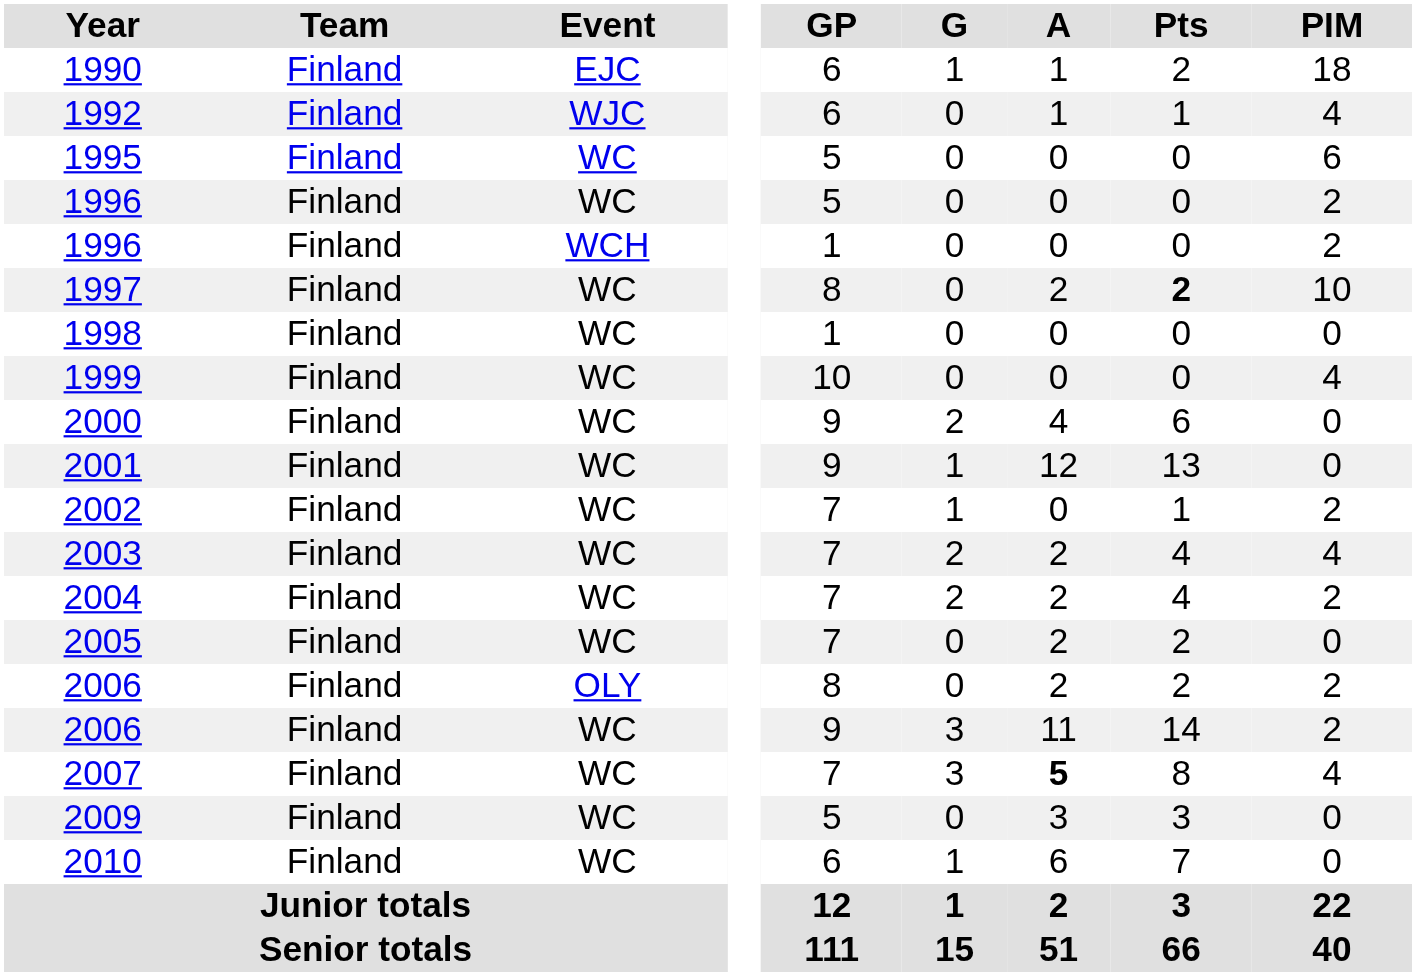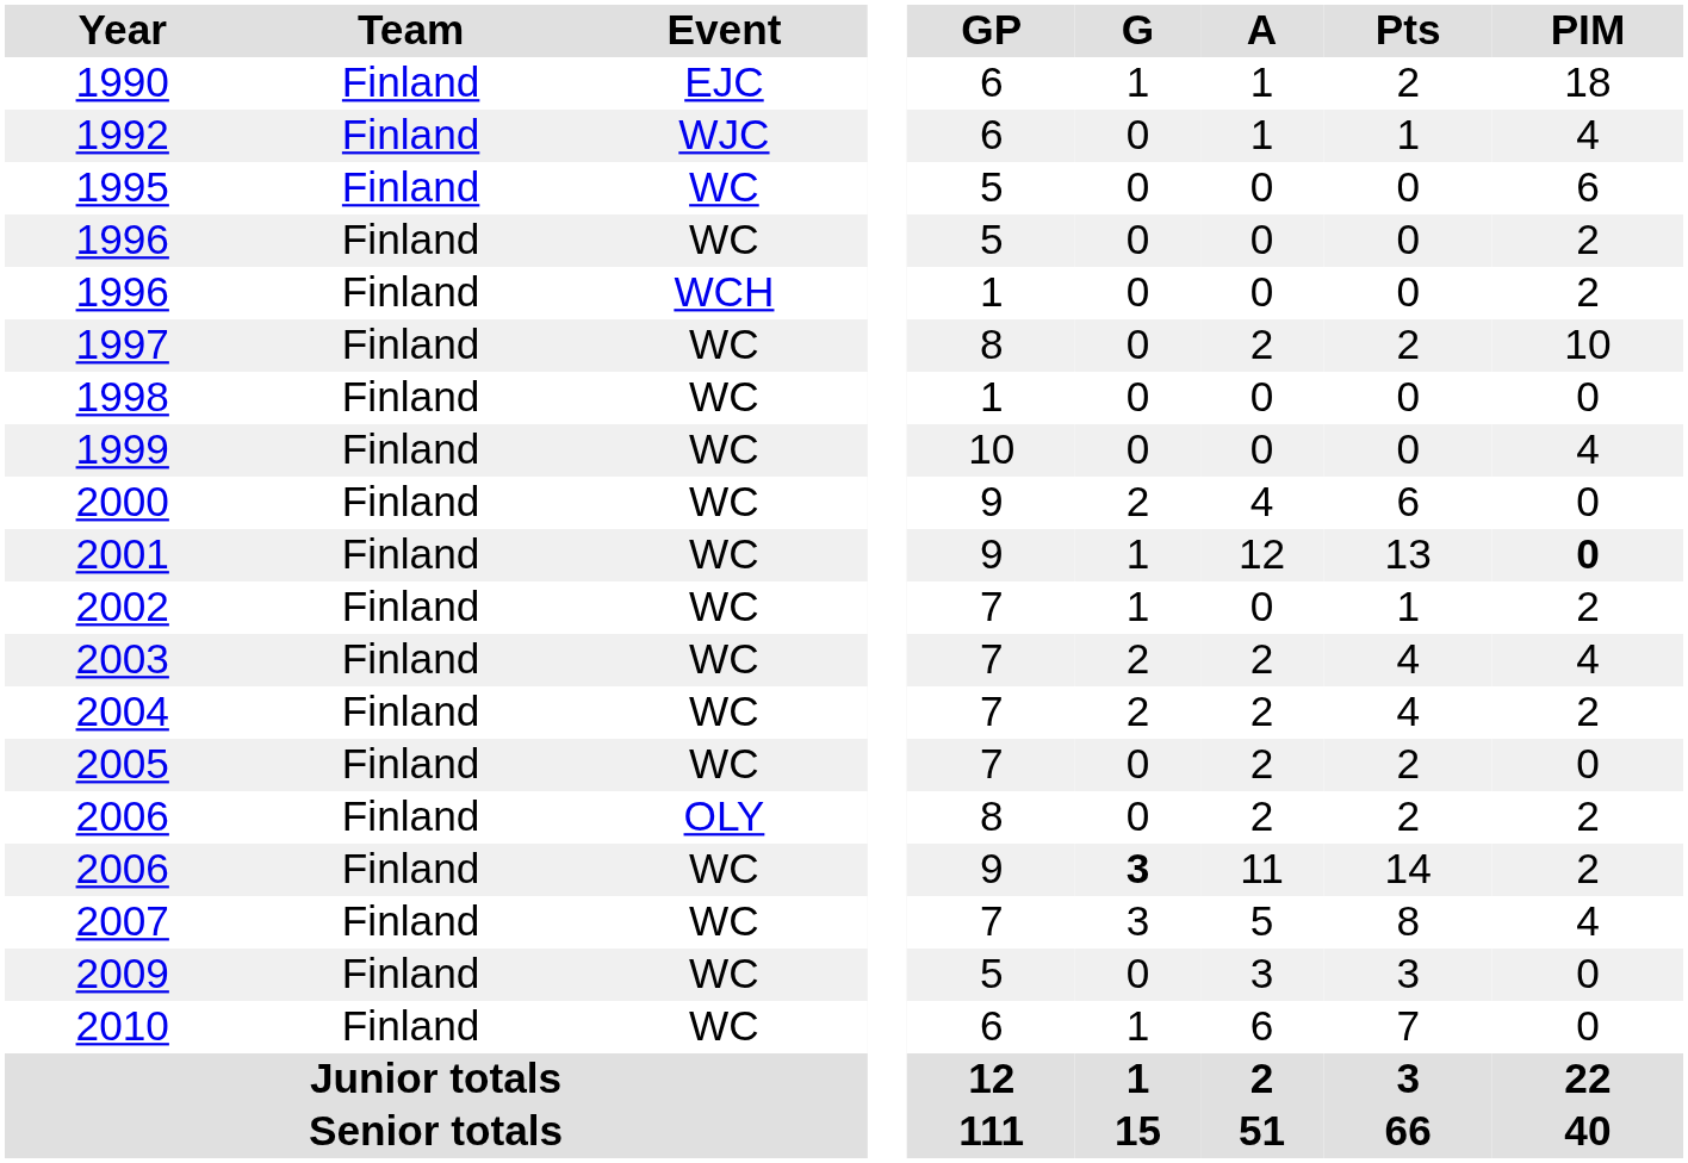 <table border="0" cellpadding="1" cellspacing="0" style="text-align:center; width:40em">
 <tr ALIGN="center" bgcolor="#e0e0e0">
 <th>Year</th>
 <th>Team</th>
 <th>Event</th>
 <th rowspan="99" bgcolor="#ffffff"> </th>
 <th>GP</th>
 <th>G</th>
 <th>A</th>
 <th>Pts</th>
 <th>PIM</th>
 </tr>
 <tr>
 <td><a href='#'>1990</a></td>
 <td><a href='#'>Finland</a></td>
 <td><a href='#'>EJC</a></td>
 <td>6</td>
 <td>1</td>
 <td>1</td>
 <td>2</td>
 <td>18</td>
 </tr>
 <tr bgcolor="#f0f0f0">
 <td><a href='#'>1992</a></td>
 <td><a href='#'>Finland</a></td>
 <td><a href='#'>WJC</a></td>
 <td>6</td>
 <td>0</td>
 <td>1</td>
 <td>1</td>
 <td>4</td>
 </tr>
 <tr>
 <td><a href='#'>1995</a></td>
 <td><a href='#'>Finland</a></td>
 <td><a href='#'>WC</a></td>
 <td>5</td>
 <td>0</td>
 <td>0</td>
 <td>0</td>
 <td>6</td>
 </tr>
 <tr bgcolor="#f0f0f0">
 <td><a href='#'>1996</a></td>
 <td>Finland</td>
 <td>WC</td>
 <td>5</td>
 <td>0</td>
 <td>0</td>
 <td>0</td>
 <td>2</td>
 </tr>
 <tr>
 <td><a href='#'>1996</a></td>
 <td>Finland</td>
 <td><a href='#'>WCH</a></td>
 <td>1</td>
 <td>0</td>
 <td>0</td>
 <td>0</td>
 <td>2</td>
 </tr>
 <tr bgcolor="#f0f0f0">
 <td><a href='#'>1997</a></td>
 <td>Finland</td>
 <td>WC</td>
 <td>8</td>
 <td>0</td>
 <td>2</td>
-<td><strong>2</strong></td>
+<td>2</td>
 <td>10</td>
 </tr>
 <tr>
 <td><a href='#'>1998</a></td>
 <td>Finland</td>
 <td>WC</td>
 <td>1</td>
 <td>0</td>
 <td>0</td>
 <td>0</td>
 <td>0</td>
 </tr>
 <tr bgcolor="#f0f0f0">
 <td><a href='#'>1999</a></td>
 <td>Finland</td>
 <td>WC</td>
 <td>10</td>
 <td>0</td>
 <td>0</td>
 <td>0</td>
 <td>4</td>
 </tr>
 <tr>
 <td><a href='#'>2000</a></td>
 <td>Finland</td>
 <td>WC</td>
 <td>9</td>
 <td>2</td>
 <td>4</td>
 <td>6</td>
 <td>0</td>
 </tr>
 <tr bgcolor="#f0f0f0">
 <td><a href='#'>2001</a></td>
 <td>Finland</td>
 <td>WC</td>
 <td>9</td>
 <td>1</td>
 <td>12</td>
 <td>13</td>
-<td>0</td>
+<td><strong>0</strong></td>
 </tr>
 <tr>
 <td><a href='#'>2002</a></td>
 <td>Finland</td>
 <td>WC</td>
 <td>7</td>
 <td>1</td>
 <td>0</td>
 <td>1</td>
 <td>2</td>
 </tr>
 <tr bgcolor="#f0f0f0">
 <td><a href='#'>2003</a></td>
 <td>Finland</td>
 <td>WC</td>
 <td>7</td>
 <td>2</td>
 <td>2</td>
 <td>4</td>
 <td>4</td>
 </tr>
 <tr>
 <td><a href='#'>2004</a></td>
 <td>Finland</td>
 <td>WC</td>
 <td>7</td>
 <td>2</td>
 <td>2</td>
 <td>4</td>
 <td>2</td>
 </tr>
 <tr bgcolor="#f0f0f0">
 <td><a href='#'>2005</a></td>
 <td>Finland</td>
 <td>WC</td>
 <td>7</td>
 <td>0</td>
 <td>2</td>
 <td>2</td>
 <td>0</td>
 </tr>
 <tr>
 <td><a href='#'>2006</a></td>
 <td>Finland</td>
 <td><a href='#'>OLY</a></td>
 <td>8</td>
 <td>0</td>
 <td>2</td>
 <td>2</td>
 <td>2</td>
 </tr>
 <tr bgcolor="#f0f0f0">
 <td><a href='#'>2006</a></td>
 <td>Finland</td>
 <td>WC</td>
 <td>9</td>
-<td>3</td>
+<td><strong>3</strong></td>
 <td>11</td>
 <td>14</td>
 <td>2</td>
 </tr>
 <tr>
 <td><a href='#'>2007</a></td>
 <td>Finland</td>
 <td>WC</td>
 <td>7</td>
 <td>3</td>
-<td><strong>5</strong></td>
+<td>5</td>
 <td>8</td>
 <td>4</td>
 </tr>
 <tr bgcolor="#f0f0f0">
 <td><a href='#'>2009</a></td>
 <td>Finland</td>
 <td>WC</td>
 <td>5</td>
 <td>0</td>
 <td>3</td>
 <td>3</td>
 <td>0</td>
 </tr>
 <tr>
 <td><a href='#'>2010</a></td>
 <td>Finland</td>
 <td>WC</td>
 <td>6</td>
 <td>1</td>
 <td>6</td>
 <td>7</td>
 <td>0</td>
 </tr>
 <tr bgcolor="#e0e0e0">
 <th colspan=3>Junior totals</th>
 <th>12</th>
 <th>1</th>
 <th>2</th>
 <th>3</th>
 <th>22</th>
 </tr>
 <tr bgcolor="#e0e0e0">
 <th colspan=3>Senior totals</th>
 <th>111</th>
 <th>15</th>
 <th>51</th>
 <th>66</th>
 <th>40</th>
 </tr>
 </table>
